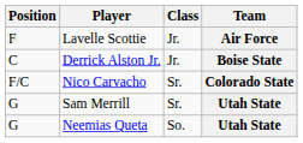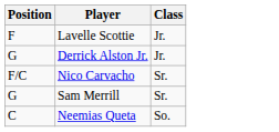 <table class="wikitable">
 <tr>
 <th>Position</th>
 <th>Player</th>
 <th>Class</th>
-<th>Team</th>
 </tr>
 <tr>
 <td>F</td>
 <td>Lavelle Scottie</td>
 <td>Jr.</td>
-<th>Air Force</th>
 </tr>
 <tr>
-<td>C</td>
+<td>G</td>
 <td><a href='#'>Derrick Alston Jr.</a></td>
 <td>Jr.</td>
-<th>Boise State</th>
 </tr>
 <tr>
 <td>F/C</td>
 <td><a href='#'>Nico Carvacho</a></td>
 <td>Sr.</td>
-<th>Colorado State</th>
 </tr>
 <tr>
 <td>G</td>
 <td>Sam Merrill</td>
 <td>Sr.</td>
-<th>Utah State</th>
 </tr>
 <tr>
-<td>G</td>
+<td>C</td>
 <td><a href='#'>Neemias Queta</a></td>
 <td>So.</td>
-<th>Utah State</th>
 </tr>
 </table>
